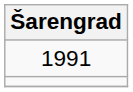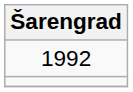 <table class="wikitable" style="margin: 0.5em auto; text-align: center;">
 <tr>
 <th colspan="1">Šarengrad</th>
 </tr>
 <tr>
-<td>1991</td>
+<td>1992</td>
 </tr>
 <tr>
 <td></td>
 </tr>
 <tr>
 </tr>
 </table>
